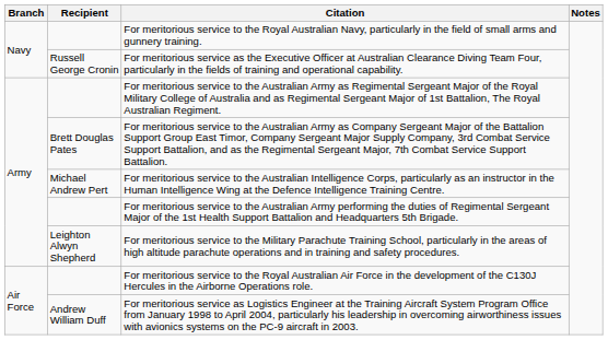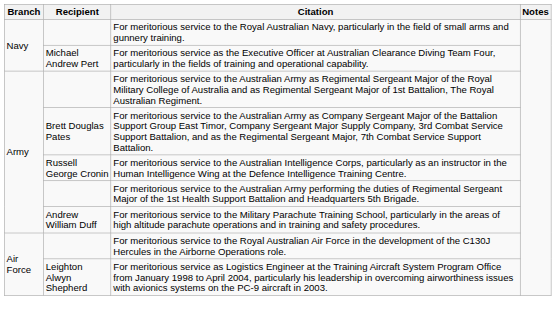 <table class="wikitable" style="font-size:95%;">
 <tr>
 <th>Branch</th>
 <th>Recipient</th>
 <th>Citation</th>
 <th>Notes</th>
 </tr>
 <tr>
 <td rowspan=2>Navy</td>
 <td></td>
 <td>For meritorious service to the Royal Australian Navy, particularly in the field of small arms and gunnery training.</td>
 <td rowspan=40></td>
 </tr>
 <tr>
-<td> Russell George Cronin</td>
+<td> Michael Andrew Pert</td>
 <td>For meritorious service as the Executive Officer at Australian Clearance Diving Team Four, particularly in the fields of training and operational capability.</td>
 </tr>
 <tr>
 <td rowspan=5>Army</td>
 <td></td>
 <td>For meritorious service to the Australian Army as Regimental Sergeant Major of the Royal Military College of Australia and as Regimental Sergeant Major of 1st Battalion, The Royal Australian Regiment.</td>
 </tr>
 <tr>
 <td> Brett Douglas Pates</td>
 <td>For meritorious service to the Australian Army as Company Sergeant Major of the Battalion Support Group East Timor, Company Sergeant Major Supply Company, 3rd Combat Service Support Battalion, and as the Regimental Sergeant Major, 7th Combat Service Support Battalion.</td>
 </tr>
 <tr>
-<td> Michael Andrew Pert</td>
+<td> Russell George Cronin</td>
 <td>For meritorious service to the Australian Intelligence Corps, particularly as an instructor in the Human Intelligence Wing at the Defence Intelligence Training Centre.</td>
 </tr>
 <tr>
 <td></td>
 <td>For meritorious service to the Australian Army performing the duties of Regimental Sergeant Major of the 1st Health Support Battalion and Headquarters 5th Brigade.</td>
 </tr>
 <tr>
-<td> Leighton Alwyn Shepherd</td>
+<td> Andrew William Duff</td>
 <td>For meritorious service to the Military Parachute Training School, particularly in the areas of high altitude parachute operations and in training and safety procedures.</td>
 </tr>
 <tr>
 <td rowspan=2>Air Force</td>
 <td></td>
 <td>For meritorious service to the Royal Australian Air Force in the development of the C130J Hercules in the Airborne Operations role.</td>
 </tr>
 <tr>
-<td> Andrew William Duff</td>
+<td> Leighton Alwyn Shepherd</td>
 <td>For meritorious service as Logistics Engineer at the Training Aircraft System Program Office from January 1998 to April 2004, particularly his leadership in overcoming airworthiness issues with avionics systems on the PC-9 aircraft in 2003.</td>
 </tr>
 </table>
